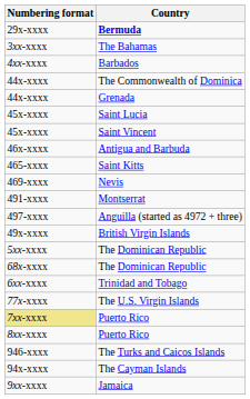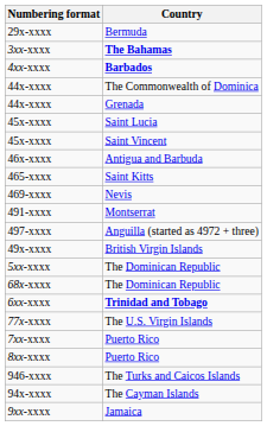 <table class="wikitable sortable">
 <tr>
 <th>Numbering format</th>
 <th>Country</th>
 </tr>
 <tr>
 <td>29x-xxxx</td>
-<td><strong><a href='#'>Bermuda</a></strong></td>
+<td><a href='#'>Bermuda</a></td>
 </tr>
 <tr>
 <td><em>3xx</em>-xxxx</td>
-<td><a href='#'>The Bahamas</a></td>
+<td><strong><a href='#'>The Bahamas</a></strong></td>
 </tr>
 <tr>
 <td><em>4xx</em>-xxxx</td>
-<td><a href='#'>Barbados</a></td>
+<td><strong><a href='#'>Barbados</a></strong></td>
 </tr>
 <tr>
 <td>44x-xxxx</td>
 <td>The Commonwealth of <a href='#'>Dominica</a></td>
 </tr>
 <tr>
 <td>44x-xxxx</td>
 <td><a href='#'>Grenada</a></td>
 </tr>
 <tr>
 <td>45x-xxxx</td>
 <td><a href='#'>Saint Lucia</a></td>
 </tr>
 <tr>
 <td>45x-xxxx</td>
 <td><a href='#'>Saint Vincent</a></td>
 </tr>
 <tr>
 <td>46x-xxxx</td>
 <td><a href='#'>Antigua and Barbuda</a></td>
 </tr>
 <tr>
 <td>465-xxxx</td>
 <td><a href='#'>Saint Kitts</a></td>
 </tr>
 <tr>
 <td>469-xxxx</td>
 <td><a href='#'>Nevis</a></td>
 </tr>
 <tr>
 <td>491-xxxx</td>
 <td><a href='#'>Montserrat</a></td>
 </tr>
 <tr>
 <td>497-xxxx</td>
 <td><a href='#'>Anguilla</a> (started as 4972 + three)</td>
 </tr>
 <tr>
 <td>49x-xxxx</td>
 <td><a href='#'>British Virgin Islands</a></td>
 </tr>
 <tr>
 <td><em>5xx</em>-xxxx</td>
 <td>The <a href='#'>Dominican Republic</a></td>
 </tr>
 <tr>
 <td><em>68x</em>-xxxx</td>
 <td>The <a href='#'>Dominican Republic</a></td>
 </tr>
 <tr>
 <td><em>6xx</em>-xxxx</td>
-<td><a href='#'>Trinidad and Tobago</a></td>
+<td><strong><a href='#'>Trinidad and Tobago</a></strong></td>
 </tr>
 <tr>
 <td><em>77x</em>-xxxx</td>
 <td>The <a href='#'>U.S. Virgin Islands</a></td>
 </tr>
 <tr>
-<td style="background: khaki;"><em>7xx</em>-xxxx</td>
+<td><em>7xx</em>-xxxx</td>
 <td><a href='#'>Puerto Rico</a></td>
 </tr>
 <tr>
 <td><em>8xx</em>-xxxx</td>
 <td><a href='#'>Puerto Rico</a></td>
 </tr>
 <tr>
 <td>946-xxxx</td>
 <td>The <a href='#'>Turks and Caicos Islands</a></td>
 </tr>
 <tr>
 <td>94x-xxxx</td>
 <td>The <a href='#'>Cayman Islands</a></td>
 </tr>
 <tr>
 <td><em>9xx</em>-xxxx</td>
 <td><a href='#'>Jamaica</a></td>
 </tr>
 </table>
